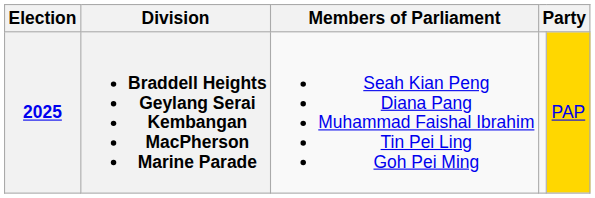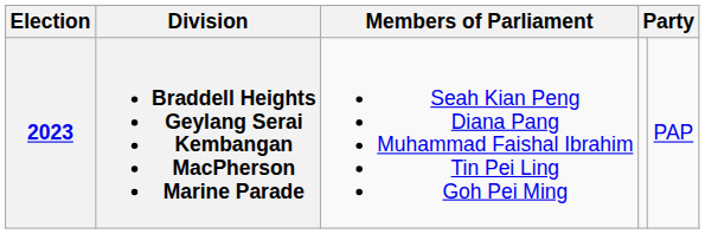 <table class="wikitable" align="center" style="text-align:center">
 <tr>
 <th>Election</th>
 <th>Division</th>
 <th>Members of Parliament</th>
 <th colspan="2">Party</th>
 </tr>
 <tr>
-<th><a href='#'>2025</a></th>
+<th><a href='#'>2023</a></th>
 <th><br><ul><li>Braddell Heights</li><li>Geylang Serai</li><li>Kembangan</li><li>MacPherson</li><li>Marine Parade</li></ul></th>
 <td><br><ul><li><a href='#'>Seah Kian Peng</a></li><li><a href='#'>Diana Pang</a></li><li><a href='#'>Muhammad Faishal Ibrahim</a></li><li><a href='#'>Tin Pei Ling</a></li><li><a href='#'>Goh Pei Ming</a></li></ul></td>
 <td></td>
-<td style="background: gold;"><a href='#'>PAP</a></td>
+<td><a href='#'>PAP</a></td>
 </tr>
 </table>
